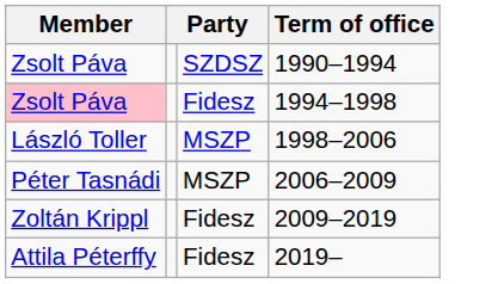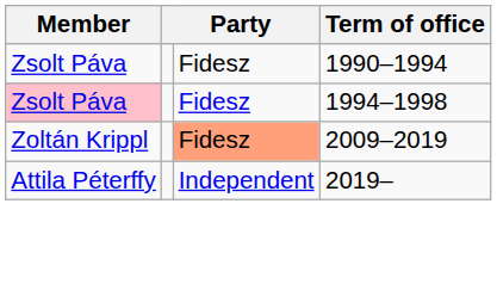 <table class=wikitable>
 <tr>
 <th>Member</th>
 <th colspan=2>Party</th>
 <th>Term of office</th>
 </tr>
 <tr>
 <td><a href='#'>Zsolt Páva</a></td>
 <td style="background-color:"></td>
-<td><a href='#'>SZDSZ</a></td>
+<td>Fidesz</td>
 <td>1990–1994</td>
 </tr>
 <tr>
 <td style="background: pink;"><a href='#'>Zsolt Páva</a></td>
 <td style="background-color:"></td>
 <td><a href='#'>Fidesz</a></td>
 <td>1994–1998</td>
 </tr>
 <tr>
-<td><a href='#'>László Toller</a></td>
-<td style="background-color:"></td>
-<td><a href='#'>MSZP</a></td>
-<td>1998–2006</td>
-</tr>
-<tr>
-<td><a href='#'>Péter Tasnádi</a></td>
-<td style="background-color:"></td>
-<td>MSZP</td>
-<td>2006–2009</td>
-</tr>
-<tr>
 <td><a href='#'>Zoltán Krippl</a></td>
 <td style="background-color:"></td>
-<td>Fidesz</td>
+<td style="background: lightsalmon;">Fidesz</td>
 <td>2009–2019</td>
 </tr>
 <tr>
 <td><a href='#'>Attila Péterffy</a></td>
 <td style="background-color:"></td>
-<td>Fidesz</td>
+<td><a href='#'>Independent</a></td>
 <td>2019–</td>
 </tr>
 </table>
